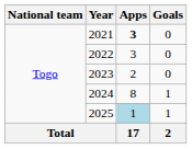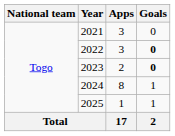 <table class="wikitable" style="text-align:center">
 <tr>
 <th>National team</th>
 <th>Year</th>
 <th>Apps</th>
 <th>Goals</th>
 </tr>
 <tr>
 <td rowspan="5"><a href='#'>Togo</a></td>
 <td>2021</td>
-<td><strong>3</strong></td>
+<td>3</td>
 <td>0</td>
 </tr>
 <tr>
 <td>2022</td>
 <td>3</td>
-<td>0</td>
+<td><strong>0</strong></td>
 </tr>
 <tr>
 <td>2023</td>
 <td>2</td>
-<td>0</td>
+<td><strong>0</strong></td>
 </tr>
 <tr>
 <td>2024</td>
 <td>8</td>
 <td>1</td>
 </tr>
 <tr>
 <td>2025</td>
-<td style="background: lightblue;">1</td>
+<td>1</td>
 <td>1</td>
 </tr>
 <tr>
 <th colspan="2">Total</th>
 <th>17</th>
 <th>2</th>
 </tr>
 </table>
